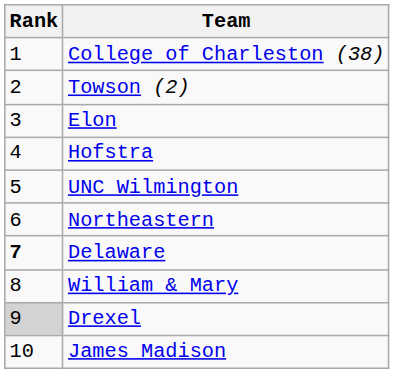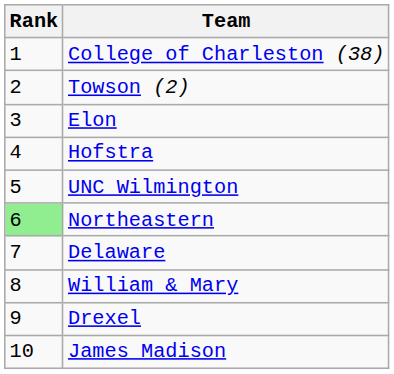 <table class="wikitable">
 <tr>
 <th>Rank</th>
 <th>Team</th>
 </tr>
 <tr>
 <td>1</td>
 <td><a href='#'>College of Charleston</a> <em>(38)</em></td>
 </tr>
 <tr>
 <td>2</td>
 <td><a href='#'>Towson</a> <em>(2)</em></td>
 </tr>
 <tr>
 <td>3</td>
 <td><a href='#'>Elon</a></td>
 </tr>
 <tr>
 <td>4</td>
 <td><a href='#'>Hofstra</a></td>
 </tr>
 <tr>
 <td>5</td>
 <td><a href='#'>UNC Wilmington</a></td>
 </tr>
 <tr>
-<td>6</td>
+<td style="background: lightgreen;">6</td>
 <td><a href='#'>Northeastern</a></td>
 </tr>
 <tr>
-<td><strong>7</strong></td>
+<td>7</td>
 <td><a href='#'>Delaware</a></td>
 </tr>
 <tr>
 <td>8</td>
 <td><a href='#'>William & Mary</a></td>
 </tr>
 <tr>
-<td style="background: lightgrey;">9</td>
+<td>9</td>
 <td><a href='#'>Drexel</a></td>
 </tr>
 <tr>
 <td>10</td>
 <td><a href='#'>James Madison</a></td>
 </tr>
 </table>
